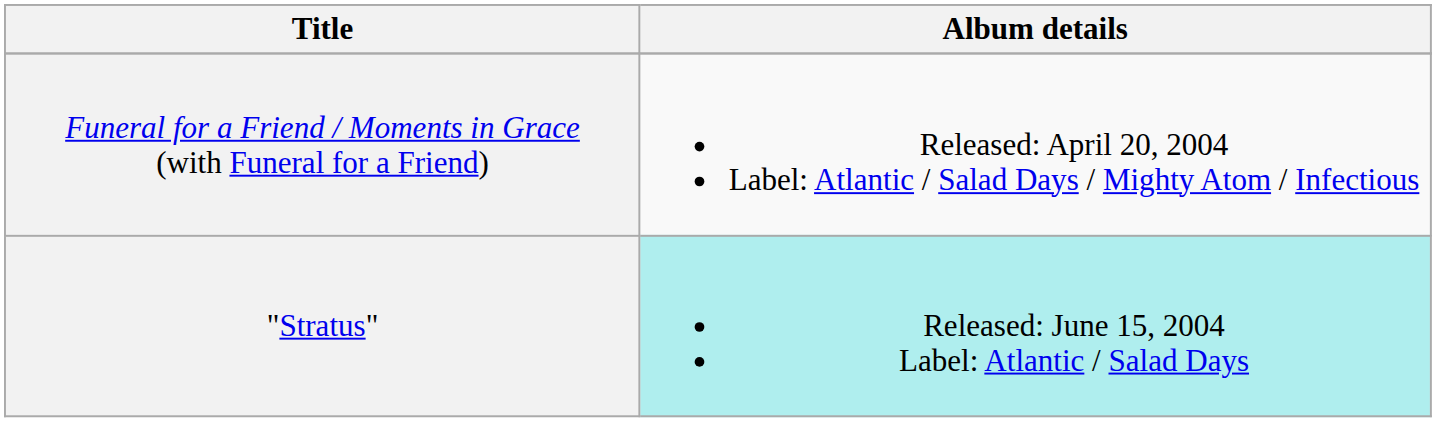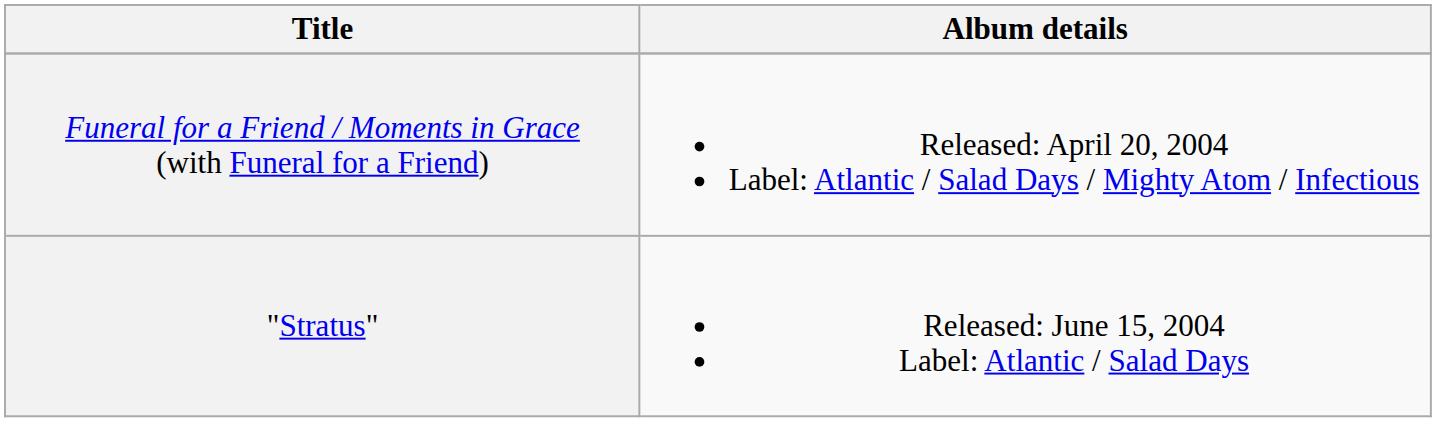 <table class="wikitable plainrowheaders" style="text-align:center;" border="1">
 <tr>
 <th rowspan="1" scope="col" style="width:20em;">Title</th>
 <th rowspan="1" scope="col" style="width:25em;">Album details</th>
 </tr>
 <tr>
 </tr>
 <tr>
 <th scope="row" style="font-weight:normal;"><em><a href='#'>Funeral for a Friend / Moments in Grace</a></em><br><span>(with <a href='#'>Funeral for a Friend</a>)</span></th>
 <td><br><ul><li>Released: April 20, 2004</li><li>Label: <a href='#'>Atlantic</a> / <a href='#'>Salad Days</a> / <a href='#'>Mighty Atom</a> / <a href='#'>Infectious</a></li></ul></td>
 </tr>
 <tr>
 <th scope="row" style="font-weight:normal;">"<a href='#'>Stratus</a>"<br></th>
-<td style="background: paleturquoise;"><br><ul><li>Released: June 15, 2004</li><li>Label: <a href='#'>Atlantic</a> / <a href='#'>Salad Days</a></li></ul></td>
+<td><br><ul><li>Released: June 15, 2004</li><li>Label: <a href='#'>Atlantic</a> / <a href='#'>Salad Days</a></li></ul></td>
 </tr>
 </table>
